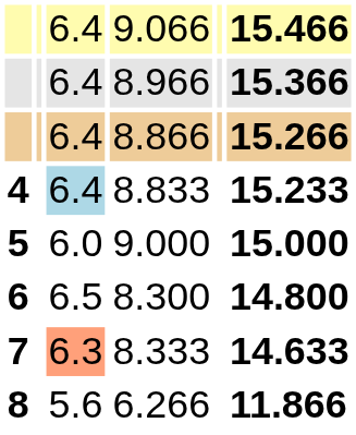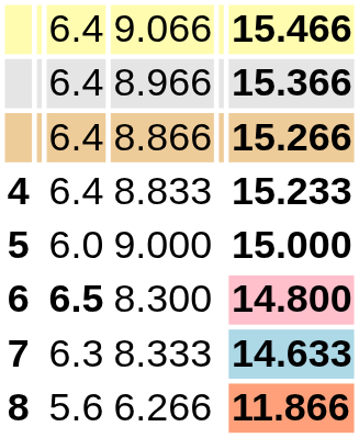 <table>
 <tr style="background:#fffcaf">
 <th scope=row></th>
 <td style="text-align:left"></td>
 <td>6.4</td>
 <td>9.066</td>
 <td></td>
 <td><strong>15.466</strong></td>
 </tr>
 <tr style="background:#e5e5e5">
 <th scope=row></th>
 <td style="text-align:left"></td>
 <td>6.4</td>
 <td>8.966</td>
 <td></td>
 <td><strong>15.366</strong></td>
 </tr>
 <tr style="background:#ec9">
 <th scope=row></th>
 <td style="text-align:left"></td>
 <td>6.4</td>
 <td>8.866</td>
 <td></td>
 <td><strong>15.266</strong></td>
 </tr>
 <tr>
 <th scope=row>4</th>
 <td style="text-align:left"></td>
-<td style="background: lightblue;">6.4</td>
+<td>6.4</td>
 <td>8.833</td>
 <td></td>
 <td><strong>15.233</strong></td>
 </tr>
 <tr>
 <th scope=row>5</th>
 <td style="text-align:left"></td>
 <td>6.0</td>
 <td>9.000</td>
 <td></td>
 <td><strong>15.000</strong></td>
 </tr>
 <tr>
 <th scope=row>6</th>
 <td style="text-align:left"></td>
-<td>6.5</td>
+<td><strong>6.5</strong></td>
 <td>8.300</td>
 <td></td>
-<td><strong>14.800</strong></td>
+<td style="background: pink;"><strong>14.800</strong></td>
 </tr>
 <tr>
 <th scope=row>7</th>
 <td style="text-align:left"></td>
-<td style="background: lightsalmon;">6.3</td>
+<td>6.3</td>
 <td>8.333</td>
 <td></td>
-<td><strong>14.633</strong></td>
+<td style="background: lightblue;"><strong>14.633</strong></td>
 </tr>
 <tr>
 <th scope=row>8</th>
 <td style="text-align:left"></td>
 <td>5.6</td>
 <td>6.266</td>
 <td></td>
-<td><strong>11.866</strong></td>
+<td style="background: lightsalmon;"><strong>11.866</strong></td>
 </tr>
 </table>
